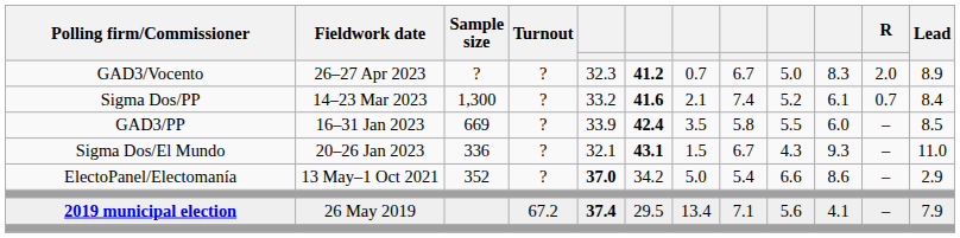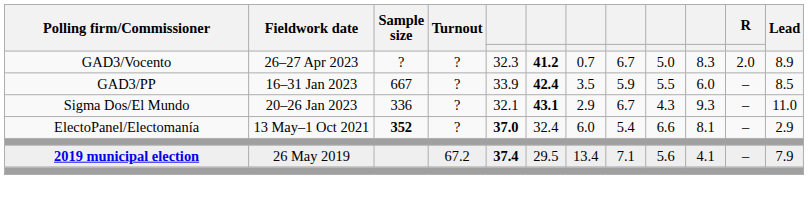 <table class="wikitable collapsible collapsed" style="text-align:center; font-size:95%; line-height:16px;">
 <tr style="height:42px;">
 <th style="width:250px;" rowspan="2">Polling firm/Commissioner</th>
 <th style="width:125px;" rowspan="2">Fieldwork date</th>
 <th style="width:50px;" rowspan="2">Sample size</th>
 <th style="width:45px;" rowspan="2">Turnout</th>
 <th style="width:35px;"></th>
 <th style="width:35px;"></th>
 <th style="width:35px;"></th>
 <th style="width:35px;"></th>
 <th style="width:35px;"></th>
 <th style="width:35px;"></th>
 <th style="width:35px;">R</th>
 <th style="width:30px;" rowspan="2">Lead</th>
 </tr>
 <tr>
 <th style="color:inherit;background:"></th>
 <th style="color:inherit;background:"></th>
 <th style="color:inherit;background:"></th>
 <th style="color:inherit;background:"></th>
 <th style="color:inherit;background:"></th>
 <th style="color:inherit;background:"></th>
 <th style="color:inherit;background:"></th>
 </tr>
 <tr>
 <td>GAD3/Vocento</td>
 <td>26–27 Apr 2023</td>
 <td>?</td>
 <td>?</td>
 <td>32.3<br></td>
 <td><strong>41.2</strong><br></td>
 <td>0.7<br></td>
 <td>6.7<br></td>
 <td>5.0<br></td>
 <td>8.3<br></td>
 <td>2.0<br></td>
 <td style="background:">8.9</td>
 </tr>
 <tr>
-<td>Sigma Dos/PP</td>
-<td>14–23 Mar 2023</td>
-<td>1,300</td>
-<td>?</td>
-<td>33.2<br></td>
-<td><strong>41.6</strong><br></td>
-<td>2.1<br></td>
-<td>7.4<br></td>
-<td>5.2<br></td>
-<td>6.1<br></td>
-<td>0.7<br></td>
-<td style="background:">8.4</td>
-</tr>
-<tr>
 <td>GAD3/PP</td>
 <td>16–31 Jan 2023</td>
-<td>669</td>
+<td>667</td>
 <td>?</td>
 <td>33.9<br></td>
 <td><strong>42.4</strong><br></td>
 <td>3.5<br></td>
-<td>5.8<br></td>
+<td>5.9<br></td>
 <td>5.5<br></td>
 <td>6.0<br></td>
 <td>–</td>
 <td style="background:">8.5</td>
 </tr>
 <tr>
 <td>Sigma Dos/El Mundo</td>
 <td>20–26 Jan 2023</td>
 <td>336</td>
 <td>?</td>
 <td>32.1<br></td>
 <td><strong>43.1</strong><br></td>
-<td>1.5<br></td>
+<td>2.9<br></td>
 <td>6.7<br></td>
 <td>4.3<br></td>
 <td>9.3<br></td>
 <td>–</td>
 <td style="background:">11.0</td>
 </tr>
 <tr>
 <td>ElectoPanel/Electomanía</td>
 <td>13 May–1 Oct 2021</td>
-<td>352</td>
+<td><strong>352</strong></td>
 <td>?</td>
 <td><strong>37.0</strong><br></td>
-<td>34.2<br></td>
-<td>5.0<br></td>
+<td>32.4<br></td>
+<td>6.0<br></td>
 <td>5.4<br></td>
 <td>6.6<br></td>
-<td>8.6<br></td>
+<td>8.1<br></td>
 <td>–</td>
 <td style="background:">2.9</td>
 </tr>
 <tr>
 <td colspan="12" style="background:#A0A0A0"></td>
 </tr>
 <tr style="background:#EFEFEF;">
 <td><strong><a href='#'>2019 municipal election</a></strong></td>
 <td>26 May 2019</td>
 <td></td>
 <td>67.2</td>
 <td><strong>37.4</strong><br></td>
 <td>29.5<br></td>
 <td>13.4<br></td>
 <td>7.1<br></td>
 <td>5.6<br></td>
 <td>4.1<br></td>
 <td>–</td>
 <td style="background:">7.9</td>
 </tr>
 <tr>
 <td colspan="12" style="background:#A0A0A0"></td>
 </tr>
 </table>
